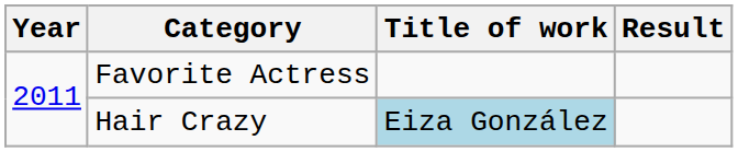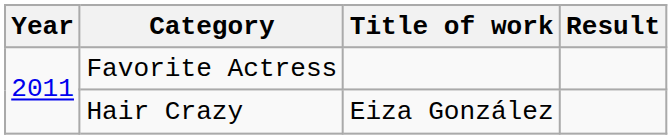 <table class="wikitable plainrowheaders sortable">
 <tr>
 <th scope="col">Year</th>
 <th scope="col">Category</th>
 <th scope="col">Title of work</th>
 <th scope="col">Result</th>
 </tr>
 <tr>
 <td rowspan=2><a href='#'>2011</a></td>
 <td>Favorite Actress</td>
 <td></td>
 <td></td>
 </tr>
 <tr>
 <td>Hair Crazy</td>
-<td style="background: lightblue;">Eiza González</td>
+<td>Eiza González</td>
 <td></td>
 </tr>
 </table>
